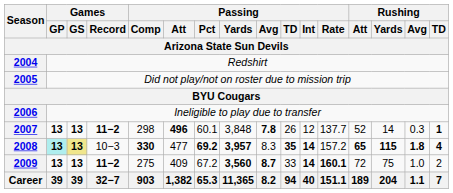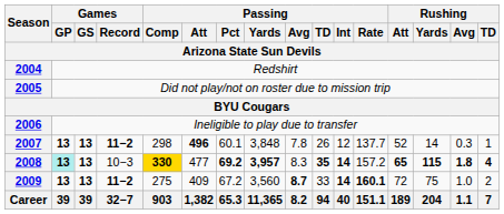 <table class="wikitable" style="text-align:center;">
 <tr>
 <th rowspan="2">Season</th>
 <th colspan="3">Games</th>
 <th colspan="8">Passing</th>
 <th colspan="5">Rushing</th>
 </tr>
 <tr>
 <th>GP</th>
 <th>GS</th>
 <th>Record</th>
 <th>Comp</th>
 <th>Att</th>
 <th>Pct</th>
 <th>Yards</th>
 <th>Avg</th>
 <th>TD</th>
 <th>Int</th>
 <th>Rate</th>
 <th>Att</th>
 <th>Yards</th>
 <th>Avg</th>
 <th>TD</th>
 </tr>
 <tr>
 <th colspan="16">Arizona State Sun Devils</th>
 </tr>
 <tr>
 <th><a href='#'>2004</a></th>
 <td colspan="15"><em>Redshirt </em></td>
 </tr>
 <tr>
 <th><a href='#'>2005</a></th>
 <td colspan="15"><em>Did not play/not on roster due to mission trip</em></td>
 </tr>
 <tr>
 <th colspan="16">BYU Cougars</th>
 </tr>
 <tr>
 <th><a href='#'>2006</a></th>
 <td colspan="15"><em>Ineligible to play due to transfer</em></td>
 </tr>
 <tr>
 <th><a href='#'>2007</a></th>
 <td><strong>13</strong></td>
 <td><strong>13</strong></td>
 <td><strong>11−2</strong></td>
 <td>298</td>
 <td><strong>496</strong></td>
 <td>60.1</td>
 <td>3,848</td>
-<td><strong>7.8</strong></td>
+<td>7.8</td>
 <td>26</td>
 <td>12</td>
 <td>137.7</td>
 <td>52</td>
 <td>14</td>
 <td>0.3</td>
-<td><strong>1</strong></td>
+<td>1</td>
 </tr>
 <tr>
 <th><a href='#'>2008</a></th>
 <td style="background: paleturquoise;"><strong>13</strong></td>
-<td style="background: khaki;"><strong>13</strong></td>
+<td><strong>13</strong></td>
 <td>10−3</td>
-<td><strong>330</strong></td>
+<td style="background: gold;"><strong>330</strong></td>
 <td>477</td>
 <td><strong>69.2</strong></td>
 <td><strong>3,957</strong></td>
 <td>8.3</td>
 <td><strong>35</strong></td>
 <td><strong>14</strong></td>
 <td>157.2</td>
 <td><strong>65</strong></td>
 <td><strong>115</strong></td>
 <td><strong>1.8</strong></td>
 <td><strong>4</strong></td>
 </tr>
 <tr>
 <th><a href='#'>2009</a></th>
 <td><strong>13</strong></td>
 <td><strong>13</strong></td>
 <td><strong>11−2</strong></td>
 <td>275</td>
 <td>409</td>
 <td>67.2</td>
-<td><strong>3,560</strong></td>
+<td>3,560</td>
 <td><strong>8.7</strong></td>
 <td>33</td>
 <td><strong>14</strong></td>
 <td><strong>160.1</strong></td>
 <td>72</td>
 <td>75</td>
 <td>1.0</td>
 <td>2</td>
 </tr>
 <tr>
 <th><strong>Career</strong></th>
 <th>39</th>
 <th>39</th>
 <th>32−7</th>
 <th>903</th>
 <th>1,382</th>
 <th>65.3</th>
 <th>11,365</th>
 <th>8.2</th>
 <th>94</th>
 <th>40</th>
 <th>151.1</th>
 <th>189</th>
 <th>204</th>
 <th>1.1</th>
 <th>7</th>
 </tr>
 </table>
